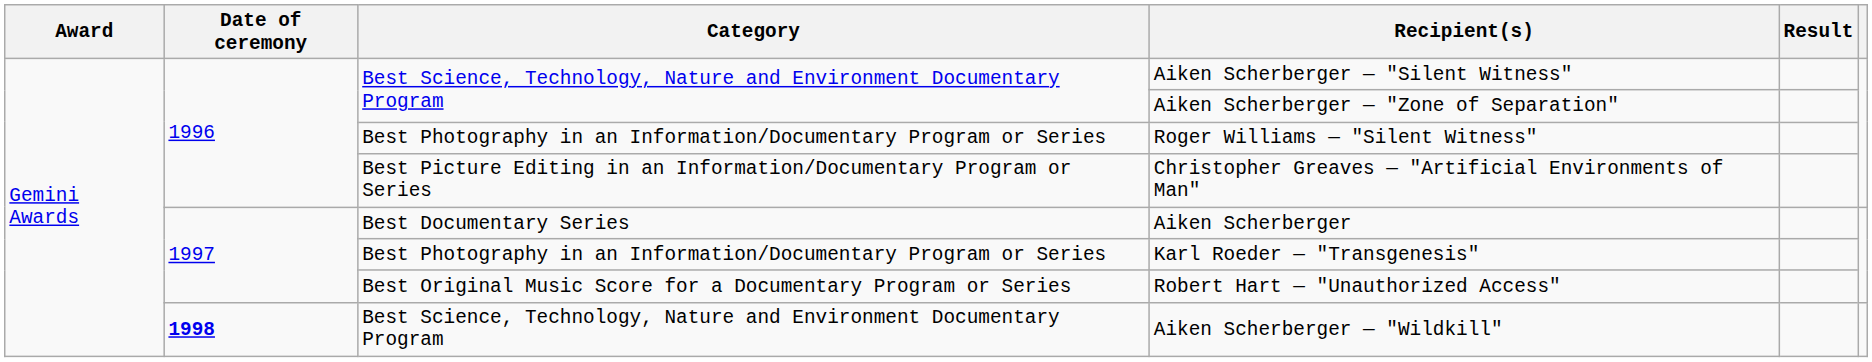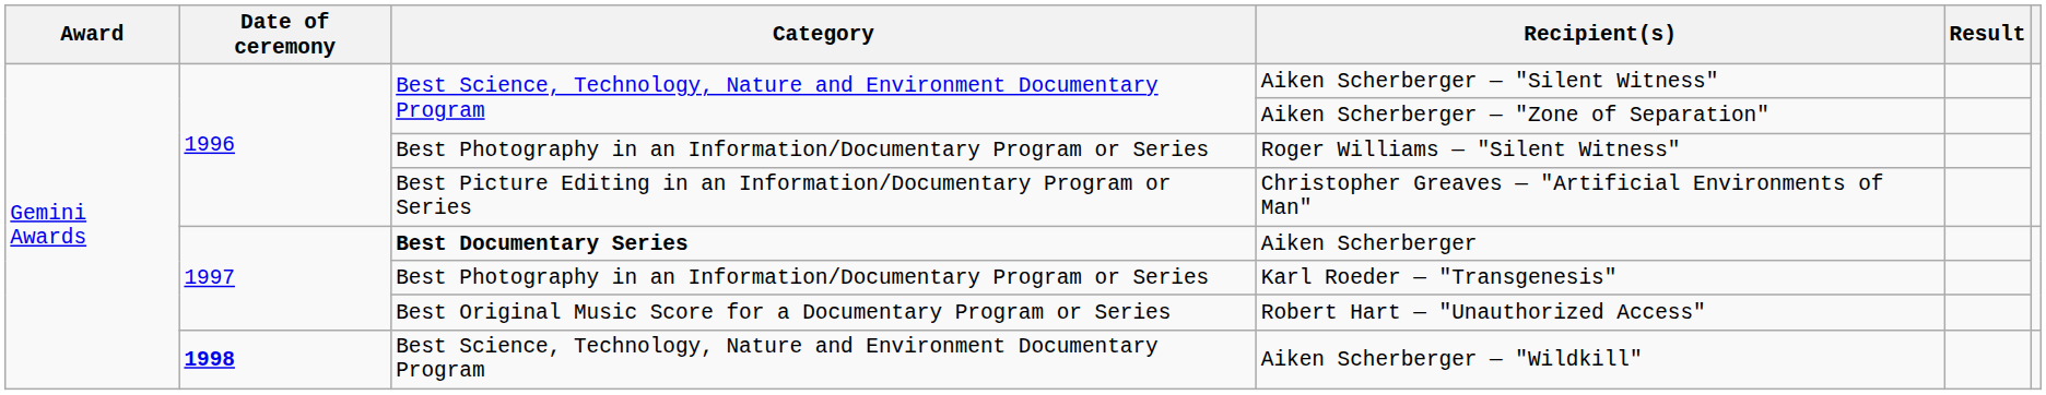 <table class="wikitable sortable plainrowheaders">
 <tr>
 <th scope="col">Award</th>
 <th scope="col">Date of ceremony</th>
 <th scope="col">Category</th>
 <th scope="col">Recipient(s)</th>
 <th scope="col">Result</th>
 <th scope="col" class="unsortable"></th>
 </tr>
 <tr>
 <td rowspan=8><a href='#'>Gemini Awards</a></td>
 <td rowspan=4><a href='#'>1996</a></td>
 <td rowspan=2><a href='#'>Best Science, Technology, Nature and Environment Documentary Program</a></td>
 <td>Aiken Scherberger — "Silent Witness"</td>
 <td></td>
 <td rowspan=4></td>
 </tr>
 <tr>
 <td>Aiken Scherberger — "Zone of Separation"</td>
 <td></td>
 </tr>
 <tr>
 <td>Best Photography in an Information/Documentary Program or Series</td>
 <td>Roger Williams — "Silent Witness"</td>
 <td></td>
 </tr>
 <tr>
 <td>Best Picture Editing in an Information/Documentary Program or Series</td>
 <td>Christopher Greaves — "Artificial Environments of Man"</td>
 <td></td>
 </tr>
 <tr>
 <td rowspan=3><a href='#'>1997</a></td>
-<td>Best Documentary Series</td>
+<td><strong>Best Documentary Series</strong></td>
 <td>Aiken Scherberger</td>
 <td></td>
 <td rowspan=3></td>
 </tr>
 <tr>
 <td>Best Photography in an Information/Documentary Program or Series</td>
 <td>Karl Roeder — "Transgenesis"</td>
 <td></td>
 </tr>
 <tr>
 <td>Best Original Music Score for a Documentary Program or Series</td>
 <td>Robert Hart — "Unauthorized Access"</td>
 <td></td>
 </tr>
 <tr>
 <td><strong><a href='#'>1998</a></strong></td>
 <td>Best Science, Technology, Nature and Environment Documentary Program</td>
 <td>Aiken Scherberger — "Wildkill"</td>
 <td></td>
 <td></td>
 </tr>
 </table>
